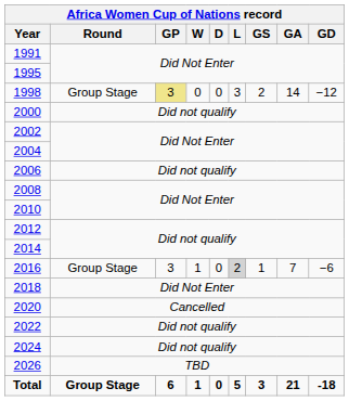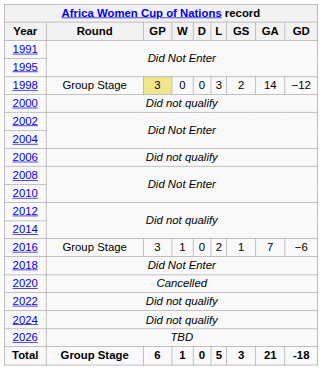 <table class="wikitable" style="text-align: center; width:50%;">
 <tr>
 <th colspan=9><a href='#'>Africa Women Cup of Nations</a> record</th>
 </tr>
 <tr>
 <th>Year</th>
 <th>Round</th>
 <th>GP</th>
 <th>W</th>
 <th>D</th>
 <th>L</th>
 <th>GS</th>
 <th>GA</th>
 <th>GD</th>
 </tr>
 <tr>
 <td><a href='#'>1991</a></td>
 <td colspan=8 rowspan=2><em>Did Not Enter</em></td>
 </tr>
 <tr>
 <td><a href='#'>1995</a></td>
 </tr>
 <tr>
 <td> <a href='#'>1998</a></td>
 <td>Group Stage</td>
 <td style="background: khaki;">3</td>
 <td>0</td>
 <td>0</td>
 <td>3</td>
 <td>2</td>
 <td>14</td>
 <td>−12</td>
 </tr>
 <tr>
 <td> <a href='#'>2000</a></td>
 <td colspan=8><em>Did not qualify</em></td>
 </tr>
 <tr>
 <td> <a href='#'>2002</a></td>
 <td colspan=8 rowspan=2><em>Did Not Enter</em></td>
 </tr>
 <tr>
 <td> <a href='#'>2004</a></td>
 </tr>
 <tr>
 <td> <a href='#'>2006</a></td>
 <td colspan=8><em>Did not qualify</em></td>
 </tr>
 <tr>
 <td> <a href='#'>2008</a></td>
 <td colspan=8 rowspan=2><em>Did Not Enter</em></td>
 </tr>
 <tr>
 <td> <a href='#'>2010</a></td>
 </tr>
 <tr>
 <td> <a href='#'>2012</a></td>
 <td colspan=8 rowspan=2><em>Did not qualify</em></td>
 </tr>
 <tr>
 <td> <a href='#'>2014</a></td>
 </tr>
 <tr>
 <td> <a href='#'>2016</a></td>
 <td>Group Stage</td>
 <td>3</td>
 <td>1</td>
 <td>0</td>
-<td style="background: lightgrey;">2</td>
+<td>2</td>
 <td>1</td>
 <td>7</td>
 <td>−6</td>
 </tr>
 <tr>
 <td> <a href='#'>2018</a></td>
 <td colspan=8><em>Did Not Enter</em></td>
 </tr>
 <tr>
 <td> <a href='#'>2020</a></td>
 <td colspan=8><em>Cancelled</em></td>
 </tr>
 <tr>
 <td> <a href='#'>2022</a></td>
 <td colspan=8><em>Did not qualify</em></td>
 </tr>
 <tr>
 <td> <a href='#'>2024</a></td>
 <td colspan=8><em>Did not qualify</em></td>
 </tr>
 <tr>
 <td> <a href='#'>2026</a></td>
 <td colspan=8><em>TBD</em></td>
 </tr>
 <tr>
 <td><strong>Total</strong></td>
 <td><strong>Group Stage</strong></td>
 <td><strong>6</strong></td>
 <td><strong>1</strong></td>
 <td><strong>0</strong></td>
 <td><strong>5</strong></td>
 <td><strong>3</strong></td>
 <td><strong>21</strong></td>
 <td><strong>-18</strong></td>
 </tr>
 </table>
